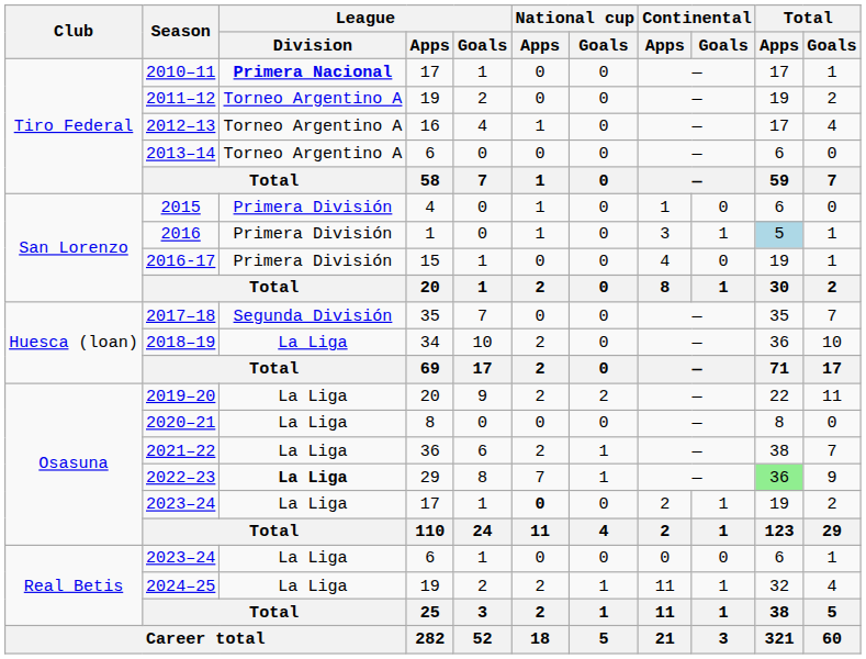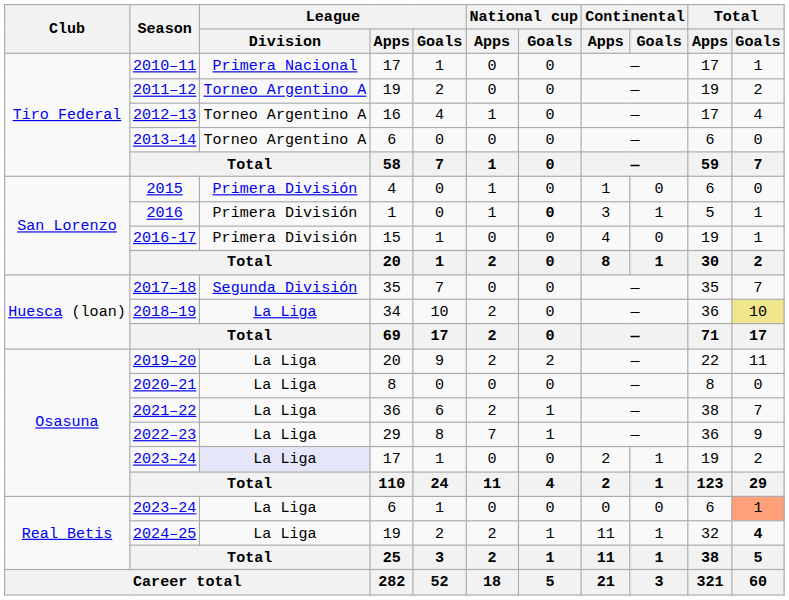 <table class="wikitable" style="text-align:center">
 <tr>
 <th rowspan="2">Club</th>
 <th rowspan="2">Season</th>
 <th colspan="3">League</th>
 <th colspan="2">National cup</th>
 <th colspan="2">Continental</th>
 <th colspan="2">Total</th>
 </tr>
 <tr>
 <th>Division</th>
 <th>Apps</th>
 <th>Goals</th>
 <th>Apps</th>
 <th>Goals</th>
 <th>Apps</th>
 <th>Goals</th>
 <th>Apps</th>
 <th>Goals</th>
 </tr>
 <tr>
 <td rowspan="5"><a href='#'>Tiro Federal</a></td>
 <td><a href='#'>2010–11</a></td>
-<td><strong><a href='#'>Primera Nacional</a></strong></td>
+<td><a href='#'>Primera Nacional</a></td>
 <td>17</td>
 <td>1</td>
 <td>0</td>
 <td>0</td>
 <td colspan="2">—</td>
 <td>17</td>
 <td>1</td>
 </tr>
 <tr>
 <td><a href='#'>2011–12</a></td>
 <td><a href='#'>Torneo Argentino A</a></td>
 <td>19</td>
 <td>2</td>
 <td>0</td>
 <td>0</td>
 <td colspan="2">—</td>
 <td>19</td>
 <td>2</td>
 </tr>
 <tr>
 <td><a href='#'>2012–13</a></td>
 <td>Torneo Argentino A</td>
 <td>16</td>
 <td>4</td>
 <td>1</td>
 <td>0</td>
 <td colspan="2">—</td>
 <td>17</td>
 <td>4</td>
 </tr>
 <tr>
 <td><a href='#'>2013–14</a></td>
 <td>Torneo Argentino A</td>
 <td>6</td>
 <td>0</td>
 <td>0</td>
 <td>0</td>
 <td colspan="2">—</td>
 <td>6</td>
 <td>0</td>
 </tr>
 <tr>
 <th colspan="2">Total</th>
 <th>58</th>
 <th>7</th>
 <th>1</th>
 <th>0</th>
 <th colspan="2">—</th>
 <th>59</th>
 <th>7</th>
 </tr>
 <tr>
 <td rowspan="4"><a href='#'>San Lorenzo</a></td>
 <td><a href='#'>2015</a></td>
 <td><a href='#'>Primera División</a></td>
 <td>4</td>
 <td>0</td>
 <td>1</td>
 <td>0</td>
 <td>1</td>
 <td>0</td>
 <td>6</td>
 <td>0</td>
 </tr>
 <tr>
 <td><a href='#'>2016</a></td>
 <td>Primera División</td>
 <td>1</td>
 <td>0</td>
 <td>1</td>
-<td>0</td>
+<td><strong>0</strong></td>
 <td>3</td>
 <td>1</td>
-<td style="background: lightblue;">5</td>
+<td>5</td>
 <td>1</td>
 </tr>
 <tr>
 <td><a href='#'>2016-17</a></td>
 <td>Primera División</td>
 <td>15</td>
 <td>1</td>
 <td>0</td>
 <td>0</td>
 <td>4</td>
 <td>0</td>
 <td>19</td>
 <td>1</td>
 </tr>
 <tr>
 <th colspan="2">Total</th>
 <th>20</th>
 <th>1</th>
 <th>2</th>
 <th>0</th>
 <th>8</th>
 <th>1</th>
 <th>30</th>
 <th>2</th>
 </tr>
 <tr>
 <td rowspan="3"><a href='#'>Huesca</a> (loan)</td>
 <td><a href='#'>2017–18</a></td>
 <td><a href='#'>Segunda División</a></td>
 <td>35</td>
 <td>7</td>
 <td>0</td>
 <td>0</td>
 <td colspan="2">—</td>
 <td>35</td>
 <td>7</td>
 </tr>
 <tr>
 <td><a href='#'>2018–19</a></td>
 <td><a href='#'>La Liga</a></td>
 <td>34</td>
 <td>10</td>
 <td>2</td>
 <td>0</td>
 <td colspan="2">—</td>
 <td>36</td>
-<td>10</td>
+<td style="background: khaki;">10</td>
 </tr>
 <tr>
 <th colspan="2">Total</th>
 <th>69</th>
 <th>17</th>
 <th>2</th>
 <th>0</th>
 <th colspan="2">—</th>
 <th>71</th>
 <th>17</th>
 </tr>
 <tr>
 <td rowspan="6"><a href='#'>Osasuna</a></td>
 <td><a href='#'>2019–20</a></td>
 <td>La Liga</td>
 <td>20</td>
 <td>9</td>
 <td>2</td>
 <td>2</td>
 <td colspan="2">—</td>
 <td>22</td>
 <td>11</td>
 </tr>
 <tr>
 <td><a href='#'>2020–21</a></td>
 <td>La Liga</td>
 <td>8</td>
 <td>0</td>
 <td>0</td>
 <td>0</td>
 <td colspan="2">—</td>
 <td>8</td>
 <td>0</td>
 </tr>
 <tr>
 <td><a href='#'>2021–22</a></td>
 <td>La Liga</td>
 <td>36</td>
 <td>6</td>
 <td>2</td>
 <td>1</td>
 <td colspan="2">—</td>
 <td>38</td>
 <td>7</td>
 </tr>
 <tr>
 <td><a href='#'>2022–23</a></td>
-<td><strong>La Liga</strong></td>
+<td>La Liga</td>
 <td>29</td>
 <td>8</td>
 <td>7</td>
 <td>1</td>
 <td colspan="2">—</td>
-<td style="background: lightgreen;">36</td>
+<td>36</td>
 <td>9</td>
 </tr>
 <tr>
 <td><a href='#'>2023–24</a></td>
-<td>La Liga</td>
+<td style="background: lavender;">La Liga</td>
 <td>17</td>
 <td>1</td>
-<td><strong>0</strong></td>
+<td>0</td>
 <td>0</td>
 <td>2</td>
 <td>1</td>
 <td>19</td>
 <td>2</td>
 </tr>
 <tr>
 <th colspan="2">Total</th>
 <th>110</th>
 <th>24</th>
 <th>11</th>
 <th>4</th>
 <th>2</th>
 <th>1</th>
 <th>123</th>
 <th>29</th>
 </tr>
 <tr>
 <td rowspan="3"><a href='#'>Real Betis</a></td>
 <td><a href='#'>2023–24</a></td>
 <td>La Liga</td>
 <td>6</td>
 <td>1</td>
 <td>0</td>
 <td>0</td>
 <td>0</td>
 <td>0</td>
 <td>6</td>
-<td>1</td>
+<td style="background: lightsalmon;">1</td>
 </tr>
 <tr>
 <td><a href='#'>2024–25</a></td>
 <td>La Liga</td>
 <td>19</td>
 <td>2</td>
 <td>2</td>
 <td>1</td>
 <td>11</td>
 <td>1</td>
 <td>32</td>
-<td>4</td>
+<td><strong>4</strong></td>
 </tr>
 <tr>
 <th colspan="2">Total</th>
 <th>25</th>
 <th>3</th>
 <th>2</th>
 <th>1</th>
 <th>11</th>
 <th>1</th>
 <th>38</th>
 <th>5</th>
 </tr>
 <tr>
 <th colspan="3">Career total</th>
 <th>282</th>
 <th>52</th>
 <th>18</th>
 <th>5</th>
 <th>21</th>
 <th>3</th>
 <th>321</th>
 <th>60</th>
 </tr>
 </table>
